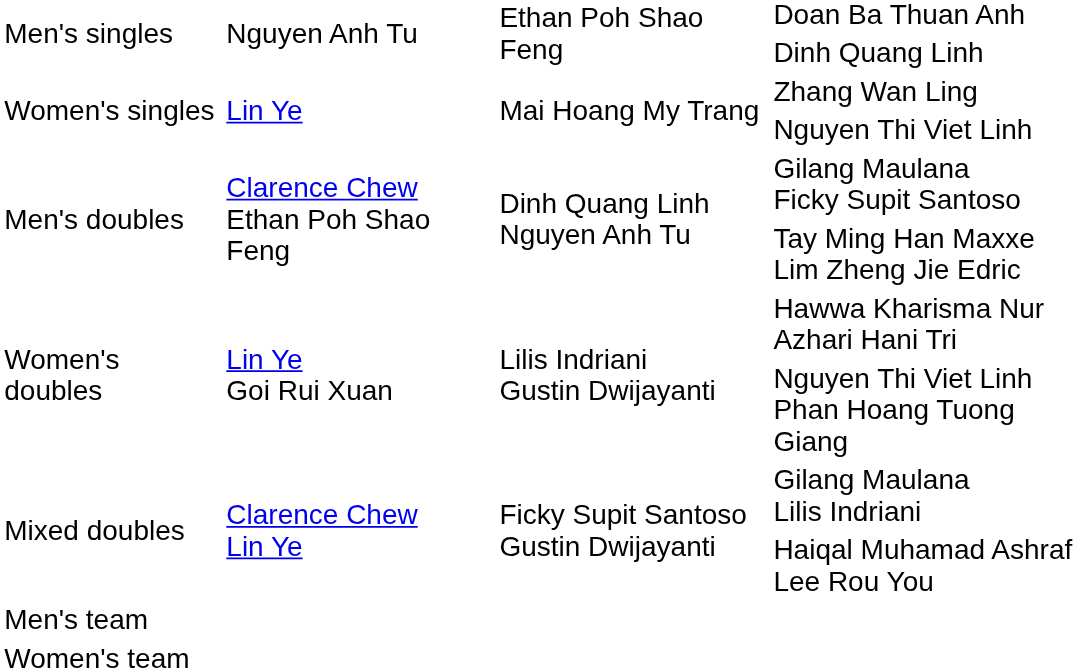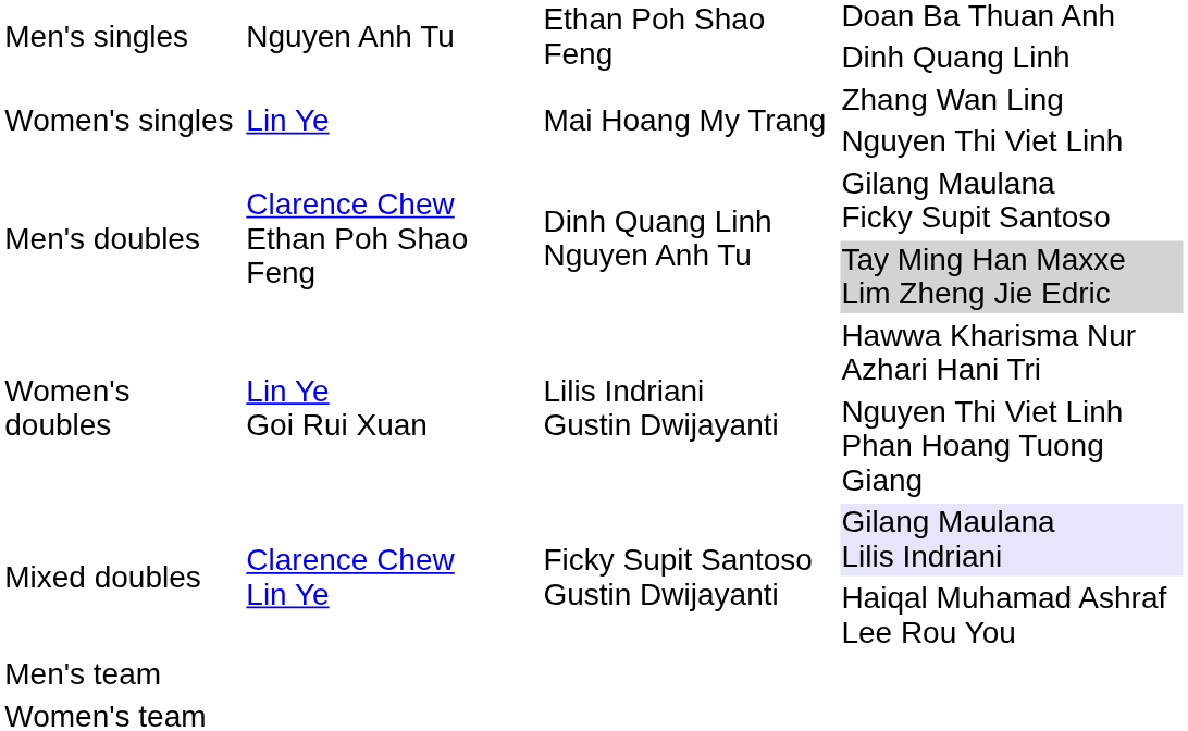 <table>
 <tr>
 <td rowspan=2>Men's singles <br></td>
 <td rowspan=2> Nguyen Anh Tu</td>
 <td rowspan=2> Ethan Poh Shao Feng</td>
 <td> Doan Ba Thuan Anh</td>
 </tr>
 <tr>
 <td> Dinh Quang Linh</td>
 </tr>
 <tr>
 <td rowspan=2>Women's singles <br></td>
 <td rowspan=2> <a href='#'>Lin Ye</a></td>
 <td rowspan=2> Mai Hoang My Trang</td>
 <td> Zhang Wan Ling</td>
 </tr>
 <tr>
 <td> Nguyen Thi Viet Linh</td>
 </tr>
 <tr>
 <td rowspan=2>Men's doubles <br></td>
 <td rowspan=2> <a href='#'>Clarence Chew</a><br> Ethan Poh Shao Feng</td>
 <td rowspan=2> Dinh Quang Linh<br> Nguyen Anh Tu</td>
 <td> Gilang Maulana<br> Ficky Supit Santoso</td>
 </tr>
 <tr>
-<td> Tay Ming Han Maxxe<br> Lim Zheng Jie Edric</td>
+<td style="background: lightgrey;"> Tay Ming Han Maxxe<br> Lim Zheng Jie Edric</td>
 </tr>
 <tr>
 <td rowspan=2>Women's doubles <br></td>
 <td rowspan=2> <a href='#'>Lin Ye</a><br> Goi Rui Xuan</td>
 <td rowspan=2> Lilis Indriani<br>  Gustin Dwijayanti</td>
 <td> Hawwa Kharisma Nur<br>  Azhari Hani Tri</td>
 </tr>
 <tr>
 <td> Nguyen Thi Viet Linh<br> Phan Hoang Tuong Giang</td>
 </tr>
 <tr>
 <td rowspan=2>Mixed doubles <br></td>
 <td rowspan=2> <a href='#'>Clarence Chew</a><br> <a href='#'>Lin Ye</a></td>
 <td rowspan=2> Ficky Supit Santoso<br> Gustin Dwijayanti</td>
-<td> Gilang Maulana<br> Lilis Indriani</td>
+<td style="background: lavender;"> Gilang Maulana<br> Lilis Indriani</td>
 </tr>
 <tr>
 <td> Haiqal Muhamad Ashraf<br> Lee Rou You</td>
 </tr>
 <tr>
 <td rowspan=2>Men's team <br></td>
 <td rowspan=2></td>
 <td rowspan=2></td>
 <td></td>
 </tr>
 <tr>
 <td></td>
 </tr>
 <tr>
 <td rowspan=2>Women's team <br></td>
 <td rowspan=2></td>
 <td rowspan=2></td>
 <td></td>
 </tr>
 <tr>
 <td></td>
 </tr>
 </table>
